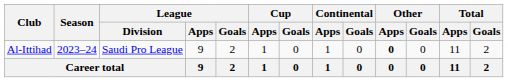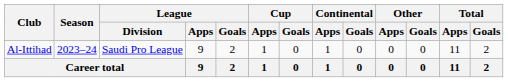 <table class=wikitable style=text-align:center>
 <tr>
 <th rowspan="2">Club</th>
 <th rowspan="2">Season</th>
 <th colspan="3">League</th>
 <th colspan="2">Cup</th>
 <th colspan="2">Continental</th>
 <th colspan="2">Other</th>
 <th colspan="2">Total</th>
 </tr>
 <tr>
 <th>Division</th>
 <th>Apps</th>
 <th>Goals</th>
 <th>Apps</th>
 <th>Goals</th>
 <th>Apps</th>
 <th>Goals</th>
 <th>Apps</th>
 <th>Goals</th>
 <th>Apps</th>
 <th>Goals</th>
 </tr>
 <tr>
 <td><a href='#'>Al-Ittihad</a></td>
 <td><a href='#'>2023–24</a></td>
 <td><a href='#'>Saudi Pro League</a></td>
 <td>9</td>
 <td>2</td>
 <td>1</td>
 <td>0</td>
 <td>1</td>
 <td>0</td>
-<td><strong>0</strong></td>
+<td>0</td>
 <td>0</td>
 <td>11</td>
 <td>2</td>
 </tr>
 <tr>
 <th colspan=3>Career total</th>
 <th>9</th>
 <th>2</th>
 <th>1</th>
 <th>0</th>
 <th>1</th>
 <th>0</th>
 <th>0</th>
 <th>0</th>
 <th>11</th>
 <th>2</th>
 </tr>
 </table>
